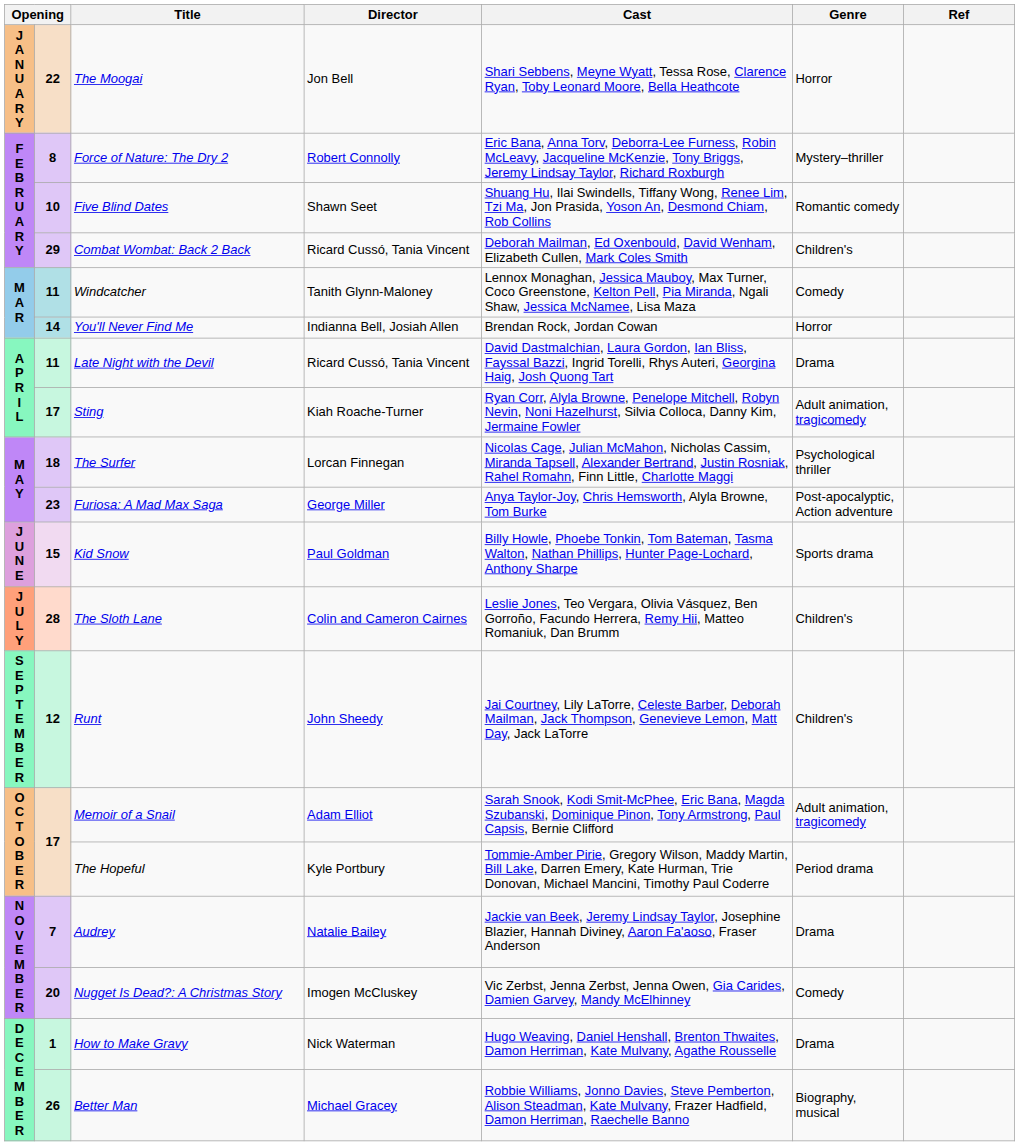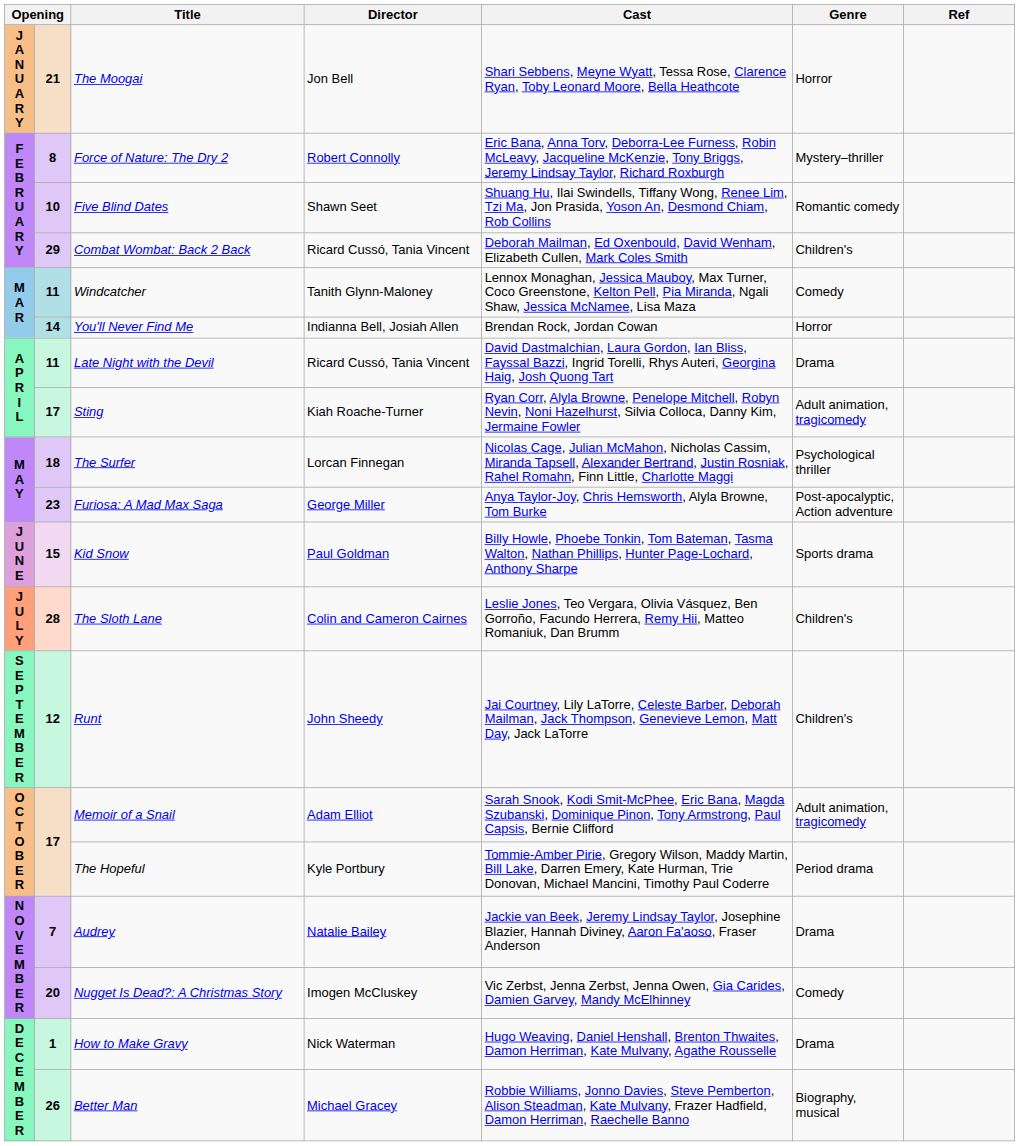 <table class="wikitable sortable">
 <tr>
 <th colspan="2" style="width:6%">Opening</th>
 <th width="21%">Title</th>
 <th width="16%">Director</th>
 <th width="28%">Cast</th>
 <th width="10%">Genre</th>
 <th width="10%">Ref</th>
 </tr>
 <tr>
 <th style="text-align:center; background:#f7bf87">J<br>A<br>N<br>U<br>A<br>R<br>Y</th>
-<td style="text-align:center; background:#f7dfc7"><strong>22</strong></td>
+<td style="text-align:center; background:#f7dfc7"><strong>21</strong></td>
 <td data-sort-value="Moogai"><em><a href='#'>The Moogai</a></em></td>
 <td>Jon Bell</td>
 <td><a href='#'>Shari Sebbens</a>, <a href='#'>Meyne Wyatt</a>, Tessa Rose, <a href='#'>Clarence Ryan</a>, <a href='#'>Toby Leonard Moore</a>, <a href='#'>Bella Heathcote</a></td>
 <td>Horror</td>
 <td></td>
 </tr>
 <tr>
 <th rowspan="3" style="text-align:center; background:#bf87f7">F<br>E<br>B<br>R<br>U<br>A<br>R<br>Y</th>
 <td style="text-align:center; background:#dfc7f7"><strong>8</strong></td>
 <td data-sort-value="Force of Nature: The Dry 2"><em><a href='#'>Force of Nature: The Dry 2</a></em></td>
 <td><a href='#'>Robert Connolly</a></td>
 <td><a href='#'>Eric Bana</a>, <a href='#'>Anna Torv</a>, <a href='#'>Deborra-Lee Furness</a>, <a href='#'>Robin McLeavy</a>, <a href='#'>Jacqueline McKenzie</a>, <a href='#'>Tony Briggs</a>, <a href='#'>Jeremy Lindsay Taylor</a>, <a href='#'>Richard Roxburgh</a></td>
 <td>Mystery–thriller</td>
 <td></td>
 </tr>
 <tr>
 <td style="text-align:center; background:#dfc7f7"><strong>10</strong></td>
 <td><em><a href='#'>Five Blind Dates</a></em></td>
 <td>Shawn Seet</td>
 <td><a href='#'>Shuang Hu</a>, Ilai Swindells, Tiffany Wong, <a href='#'>Renee Lim</a>, <a href='#'>Tzi Ma</a>, Jon Prasida, <a href='#'>Yoson An</a>, <a href='#'>Desmond Chiam</a>, <a href='#'>Rob Collins</a></td>
 <td>Romantic comedy</td>
 <td></td>
 </tr>
 <tr>
 <td style="text-align:center; background:#dfc7f7"><strong>29</strong></td>
 <td><em><a href='#'>Combat Wombat: Back 2 Back</a></em></td>
 <td>Ricard Cussó, Tania Vincent</td>
 <td><a href='#'>Deborah Mailman</a>, <a href='#'>Ed Oxenbould</a>, <a href='#'>David Wenham</a>, Elizabeth Cullen, <a href='#'>Mark Coles Smith</a></td>
 <td>Children's</td>
 <td></td>
 </tr>
 <tr>
 <td rowspan="2" style="text-align:center; background:#93CCEA; textcolor:#000;"><strong>M<br>A<br>R</strong></td>
 <td style="text-align:center; background:#B0E0E6"><strong>11</strong></td>
 <td><em>Windcatcher</em></td>
 <td>Tanith Glynn-Maloney</td>
 <td>Lennox Monaghan, <a href='#'>Jessica Mauboy</a>, Max Turner, Coco Greenstone, <a href='#'>Kelton Pell</a>, <a href='#'>Pia Miranda</a>, Ngali Shaw, <a href='#'>Jessica McNamee</a>, Lisa Maza</td>
 <td>Comedy</td>
 <td></td>
 </tr>
 <tr>
 <td style="text-align:center; background:#B0E0E6"><strong>14</strong></td>
 <td data-sort-value="You'll Never Find Me"><em><a href='#'>You'll Never Find Me</a></em></td>
 <td>Indianna Bell, Josiah Allen</td>
 <td>Brendan Rock, Jordan Cowan</td>
 <td>Horror</td>
 <td></td>
 </tr>
 <tr>
 <th rowspan="2" style="text-align:center; background:#87f7bf">A<br>P<br>R<br>I<br>L</th>
 <td style="text-align:center; background:#c7f7df"><strong>11</strong></td>
 <td><em><a href='#'>Late Night with the Devil</a></em></td>
 <td>Ricard Cussó, Tania Vincent</td>
 <td><a href='#'>David Dastmalchian</a>, <a href='#'>Laura Gordon</a>, <a href='#'>Ian Bliss</a>, <a href='#'>Fayssal Bazzi</a>, Ingrid Torelli, Rhys Auteri, <a href='#'>Georgina Haig</a>, <a href='#'>Josh Quong Tart</a></td>
 <td>Drama</td>
 <td></td>
 </tr>
 <tr>
 <td style="text-align:center; background:#c7f7df"><strong>17</strong></td>
 <td data-sort-value="Sting"><em><a href='#'>Sting</a></em></td>
 <td>Kiah Roache-Turner</td>
 <td><a href='#'>Ryan Corr</a>, <a href='#'>Alyla Browne</a>, <a href='#'>Penelope Mitchell</a>, <a href='#'>Robyn Nevin</a>, <a href='#'>Noni Hazelhurst</a>, Silvia Colloca, Danny Kim, <a href='#'>Jermaine Fowler</a></td>
 <td>Adult animation, <a href='#'>tragicomedy</a></td>
 <td></td>
 </tr>
 <tr>
 <th rowspan="2" style="text-align:center; background:#bf87f7">M<br>A<br>Y</th>
 <td style="text-align:center; background:#dfc7f7"><strong>18</strong></td>
 <td data-sort-value="Surfer"><em><a href='#'>The Surfer</a></em></td>
 <td>Lorcan Finnegan</td>
 <td><a href='#'>Nicolas Cage</a>, <a href='#'>Julian McMahon</a>, Nicholas Cassim, <a href='#'>Miranda Tapsell</a>, <a href='#'>Alexander Bertrand</a>, <a href='#'>Justin Rosniak</a>, <a href='#'>Rahel Romahn</a>, Finn Little, <a href='#'>Charlotte Maggi</a></td>
 <td>Psychological thriller</td>
 <td></td>
 </tr>
 <tr>
 <td style="text-align:center; background:#dfc7f7"><strong>23</strong></td>
 <td data-sort-value="Furiosa: A Mad Max Saga"><em><a href='#'>Furiosa: A Mad Max Saga</a></em></td>
 <td><a href='#'>George Miller</a></td>
 <td><a href='#'>Anya Taylor-Joy</a>, <a href='#'>Chris Hemsworth</a>, Alyla Browne, <a href='#'>Tom Burke</a></td>
 <td>Post-apocalyptic, Action adventure</td>
 <td></td>
 </tr>
 <tr>
 <th style="text-align:center; background:plum">J<br>U<br>N<br>E<br></th>
 <td style="text-align:center; background:#f1daf1"><strong>15</strong></td>
 <td data-sort-value="Kid Snow"><em><a href='#'>Kid Snow</a></em></td>
 <td><a href='#'>Paul Goldman</a></td>
 <td><a href='#'>Billy Howle</a>, <a href='#'>Phoebe Tonkin</a>, <a href='#'>Tom Bateman</a>, <a href='#'>Tasma Walton</a>, <a href='#'>Nathan Phillips</a>, <a href='#'>Hunter Page-Lochard</a>, <a href='#'>Anthony Sharpe</a></td>
 <td>Sports drama</td>
 <td></td>
 </tr>
 <tr>
 <th style="text-align:center; background:#ffa07a">J<br>U<br>L<br>Y<br></th>
 <td style="text-align:center; background:#ffdacc"><strong>28</strong></td>
 <td data-sort-value="The Sloth Lane"><em><a href='#'>The Sloth Lane</a></em></td>
 <td><a href='#'>Colin and Cameron Cairnes</a></td>
 <td><a href='#'>Leslie Jones</a>, Teo Vergara, Olivia Vásquez, Ben Gorroño, Facundo Herrera, <a href='#'>Remy Hii</a>, Matteo Romaniuk, Dan Brumm</td>
 <td>Children's</td>
 <td></td>
 </tr>
 <tr>
 <th rowspan="1" style="text-align:center; background:#87f7bf">S<br>E<br>P<br>T<br>E<br>M<br>B<br>E<br>R</th>
 <td style="text-align:center; background:#c7f7df"><strong>12</strong></td>
 <td data-sort-value="Runt"><em><a href='#'>Runt</a></em></td>
 <td><a href='#'>John Sheedy</a></td>
 <td><a href='#'>Jai Courtney</a>, Lily LaTorre, <a href='#'>Celeste Barber</a>, <a href='#'>Deborah Mailman</a>, <a href='#'>Jack Thompson</a>, <a href='#'>Genevieve Lemon</a>, <a href='#'>Matt Day</a>, Jack LaTorre</td>
 <td>Children's</td>
 <td></td>
 </tr>
 <tr>
 <th rowspan="2" style="text-align:center; background:#f7bf87">O<br>C<br>T<br>O<br>B<br>E<br>R</th>
 <td rowspan="2" style="text-align:center; background:#f7dfc7"><strong>17</strong></td>
 <td data-sort-value="Memoir of a Snail"><em><a href='#'>Memoir of a Snail</a></em></td>
 <td><a href='#'>Adam Elliot</a></td>
 <td><a href='#'>Sarah Snook</a>, <a href='#'>Kodi Smit-McPhee</a>, <a href='#'>Eric Bana</a>, <a href='#'>Magda Szubanski</a>, <a href='#'>Dominique Pinon</a>, <a href='#'>Tony Armstrong</a>, <a href='#'>Paul Capsis</a>, Bernie Clifford</td>
 <td>Adult animation, <a href='#'>tragicomedy</a></td>
 <td></td>
 </tr>
 <tr>
 <td data-sort-value="The Hopeful"><em>The Hopeful</em></td>
 <td>Kyle Portbury</td>
 <td><a href='#'>Tommie-Amber Pirie</a>, Gregory Wilson, Maddy Martin, <a href='#'>Bill Lake</a>, Darren Emery, Kate Hurman, Trie Donovan, Michael Mancini, Timothy Paul Coderre</td>
 <td>Period drama</td>
 <td></td>
 </tr>
 <tr>
 <th rowspan="2" style="text-align:center; background:#bf87f7">N<br>O<br>V<br>E<br>M<br>B<br>E<br>R</th>
 <td style="text-align:center; background:#dfc7f7"><strong>7</strong></td>
 <td><em><a href='#'>Audrey</a></em></td>
 <td><a href='#'>Natalie Bailey</a></td>
 <td><a href='#'>Jackie van Beek</a>, <a href='#'>Jeremy Lindsay Taylor</a>, Josephine Blazier, Hannah Diviney, <a href='#'>Aaron Fa'aoso</a>, Fraser Anderson</td>
 <td>Drama</td>
 <td></td>
 </tr>
 <tr>
 <td style="text-align:center; background:#dfc7f7"><strong>20</strong></td>
 <td><em><a href='#'>Nugget Is Dead?: A Christmas Story</a></em></td>
 <td>Imogen McCluskey</td>
 <td>Vic Zerbst, Jenna Zerbst, Jenna Owen, <a href='#'>Gia Carides</a>, <a href='#'>Damien Garvey</a>, <a href='#'>Mandy McElhinney</a></td>
 <td>Comedy</td>
 <td></td>
 </tr>
 <tr>
 <th rowspan="2" style="text-align:center; background:#87f7bf">D<br>E<br>C<br>E<br>M<br>B<br>E<br>R</th>
 <td style="text-align:center; background:#c7f7df"><strong>1</strong></td>
 <td data-sort-value="How to Make Gravy"><em><a href='#'>How to Make Gravy</a></em></td>
 <td>Nick Waterman</td>
 <td><a href='#'>Hugo Weaving</a>, <a href='#'>Daniel Henshall</a>, <a href='#'>Brenton Thwaites</a>, <a href='#'>Damon Herriman</a>, <a href='#'>Kate Mulvany</a>, <a href='#'>Agathe Rousselle</a></td>
 <td>Drama</td>
 <td></td>
 </tr>
 <tr>
 <td style="text-align:center; background:#c7f7df"><strong>26</strong></td>
 <td data-sort-value="Better Man"><em><a href='#'>Better Man</a></em></td>
 <td><a href='#'>Michael Gracey</a></td>
 <td><a href='#'>Robbie Williams</a>, <a href='#'>Jonno Davies</a>, <a href='#'>Steve Pemberton</a>, <a href='#'>Alison Steadman</a>, <a href='#'>Kate Mulvany</a>, Frazer Hadfield, <a href='#'>Damon Herriman</a>, <a href='#'>Raechelle Banno</a></td>
 <td>Biography, musical</td>
 <td></td>
 </tr>
 </table>
